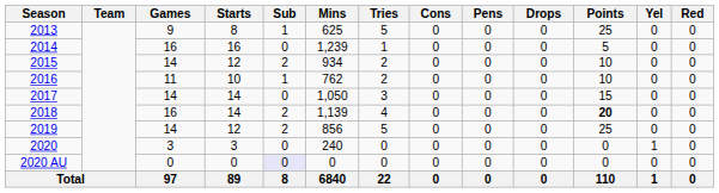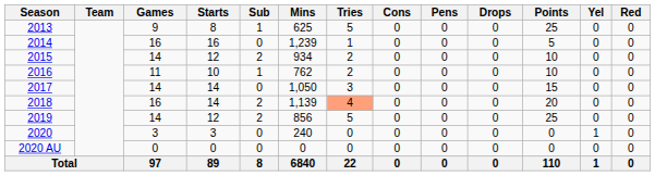 <table class="wikitable" style="text-align:center; line-height:90%; font-size:95%; width:70%;">
 <tr>
 <th>Season</th>
 <th>Team</th>
 <th>Games</th>
 <th>Starts</th>
 <th>Sub</th>
 <th>Mins</th>
 <th>Tries</th>
 <th>Cons</th>
 <th>Pens</th>
 <th>Drops</th>
 <th>Points</th>
 <th>Yel</th>
 <th>Red</th>
 </tr>
 <tr>
 <td><a href='#'>2013</a></td>
 <td rowspan=9></td>
 <td>9</td>
 <td>8</td>
 <td>1</td>
 <td>625</td>
 <td>5</td>
 <td>0</td>
 <td>0</td>
 <td>0</td>
 <td>25</td>
 <td>0</td>
 <td>0</td>
 </tr>
 <tr>
 <td><a href='#'>2014</a></td>
 <td>16</td>
 <td>16</td>
 <td>0</td>
 <td>1,239</td>
 <td>1</td>
 <td>0</td>
 <td>0</td>
 <td>0</td>
 <td>5</td>
 <td>0</td>
 <td>0</td>
 </tr>
 <tr>
 <td><a href='#'>2015</a></td>
 <td>14</td>
 <td>12</td>
 <td>2</td>
 <td>934</td>
 <td>2</td>
 <td>0</td>
 <td>0</td>
 <td>0</td>
 <td>10</td>
 <td>0</td>
 <td>0</td>
 </tr>
 <tr>
 <td><a href='#'>2016</a></td>
 <td>11</td>
 <td>10</td>
 <td>1</td>
 <td>762</td>
 <td>2</td>
 <td>0</td>
 <td>0</td>
 <td>0</td>
 <td>10</td>
 <td>0</td>
 <td>0</td>
 </tr>
 <tr>
 <td><a href='#'>2017</a></td>
 <td>14</td>
 <td>14</td>
 <td>0</td>
 <td>1,050</td>
 <td>3</td>
 <td>0</td>
 <td>0</td>
 <td>0</td>
 <td>15</td>
 <td>0</td>
 <td>0</td>
 </tr>
 <tr>
 <td><a href='#'>2018</a></td>
 <td>16</td>
 <td>14</td>
 <td>2</td>
 <td>1,139</td>
-<td>4</td>
+<td style="background: lightsalmon;">4</td>
 <td>0</td>
 <td>0</td>
 <td>0</td>
-<td><strong>20</strong></td>
+<td>20</td>
 <td>0</td>
 <td>0</td>
 </tr>
 <tr>
 <td><a href='#'>2019</a></td>
 <td>14</td>
 <td>12</td>
 <td>2</td>
 <td>856</td>
 <td>5</td>
 <td>0</td>
 <td>0</td>
 <td>0</td>
 <td>25</td>
 <td>0</td>
 <td>0</td>
 </tr>
 <tr>
 <td><a href='#'>2020</a></td>
 <td>3</td>
 <td>3</td>
 <td>0</td>
 <td>240</td>
 <td>0</td>
 <td>0</td>
 <td>0</td>
 <td>0</td>
 <td>0</td>
 <td>1</td>
 <td>0</td>
 </tr>
 <tr>
 <td><a href='#'>2020 AU</a></td>
 <td>0</td>
 <td>0</td>
-<td style="background: lavender;">0</td>
+<td>0</td>
 <td>0</td>
 <td>0</td>
 <td>0</td>
 <td>0</td>
 <td>0</td>
 <td>0</td>
 <td>0</td>
 <td>0</td>
 </tr>
 <tr>
 <th colspan="2">Total</th>
 <th>97</th>
 <th>89</th>
 <th>8</th>
 <th>6840</th>
 <th>22</th>
 <th>0</th>
 <th>0</th>
 <th>0</th>
 <th>110</th>
 <th>1</th>
 <th>0</th>
 </tr>
 </table>
